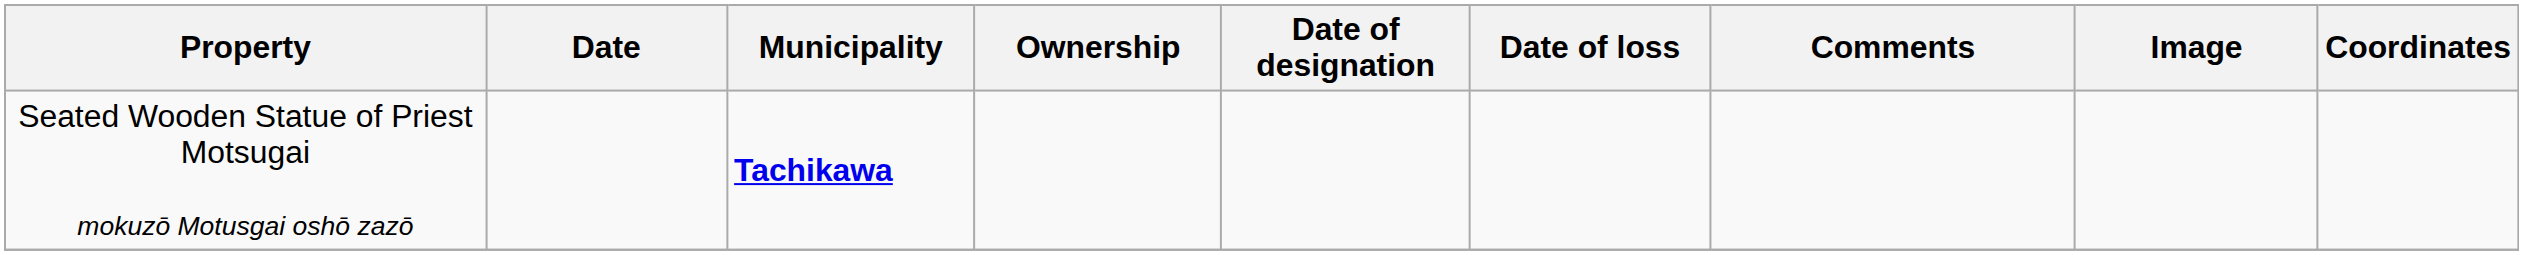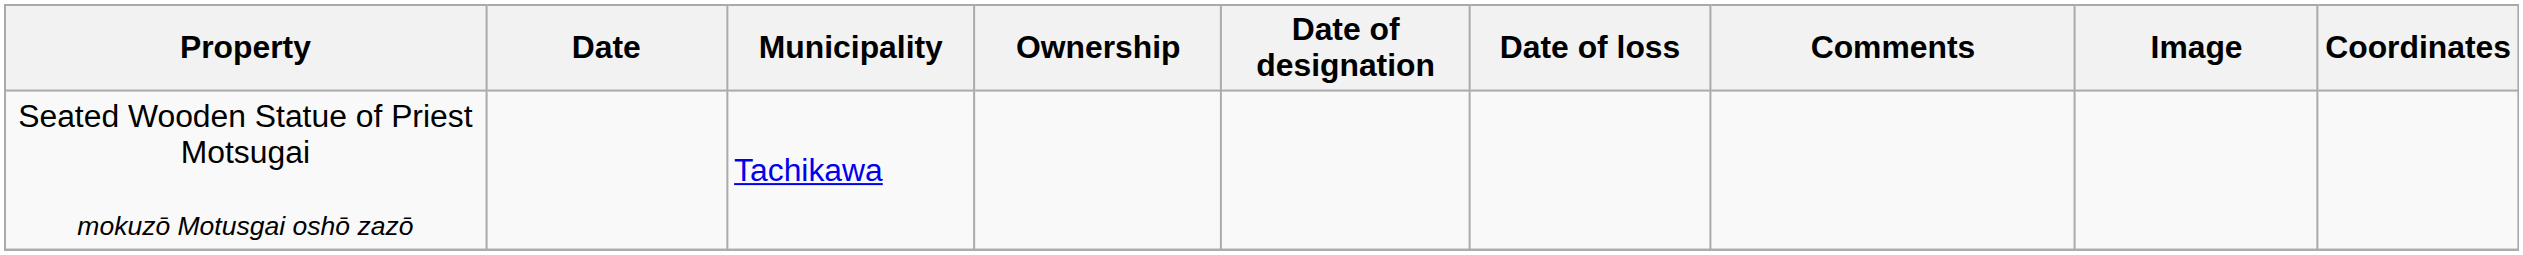 <table class="wikitable sortable"  style="width:100%;">
 <tr>
 <th width="20%" align="left">Property</th>
 <th width="10%" align="left">Date</th>
 <th width="10%" align="left">Municipality</th>
 <th width="10%" align="left">Ownership</th>
 <th width="10%" align="left">Date of designation</th>
 <th width="10%" align="left">Date of loss</th>
 <th width="15%" align="left" class="unsortable">Comments</th>
 <th width="10%" align="left" class="unsortable">Image</th>
 <th width="5%" align="left" class="unsortable">Coordinates</th>
 </tr>
 <tr>
 <td align="center">Seated Wooden Statue of Priest Motsugai<br><br><small><em>mokuzō Motusgai oshō zazō</em></small></td>
 <td></td>
-<td><strong><a href='#'>Tachikawa</a></strong></td>
+<td><a href='#'>Tachikawa</a></td>
 <td></td>
 <td></td>
 <td></td>
 <td></td>
 <td></td>
 <td></td>
 </tr>
 <tr>
 </tr>
 </table>
